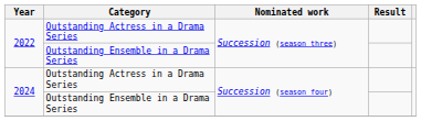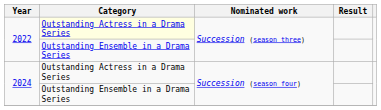 <table class=wikitable>
 <tr>
 <th scope="col" style="width:5em;">Year</th>
 <th scope="col" style="width:27em;">Category</th>
 <th scope="col" style="width:24em;">Nominated work</th>
 <th scope="col" style="width:5em;">Result</th>
 <th></th>
 </tr>
 <tr>
 <td align="center" rowspan="2"><a href='#'>2022</a></td>
-<td><a href='#'>Outstanding Actress in a Drama Series</a></td>
+<td style="background: lightyellow;"><a href='#'>Outstanding Actress in a Drama Series</a></td>
 <td rowspan=2><em><a href='#'>Succession</a></em> <small> (<a href='#'>season three</a>) </small></td>
 <td></td>
 <td rowspan="2" align="center"></td>
 </tr>
 <tr>
 <td rowspan=1><a href='#'>Outstanding Ensemble in a Drama Series</a></td>
 <td></td>
 </tr>
 <tr>
 <td align="center" rowspan="2"><a href='#'>2024</a></td>
 <td>Outstanding Actress in a Drama Series</td>
 <td rowspan=2><em><a href='#'>Succession</a></em> <small> (<a href='#'>season four</a>) </small></td>
 <td></td>
 <td rowspan="2" align="center"></td>
 </tr>
 <tr>
 <td>Outstanding Ensemble in a Drama Series</td>
 <td></td>
 </tr>
 <tr>
 </tr>
 </table>
